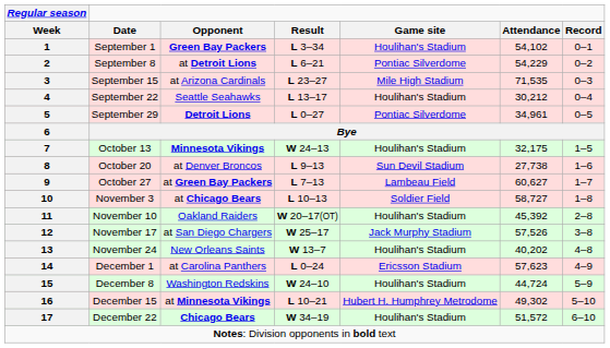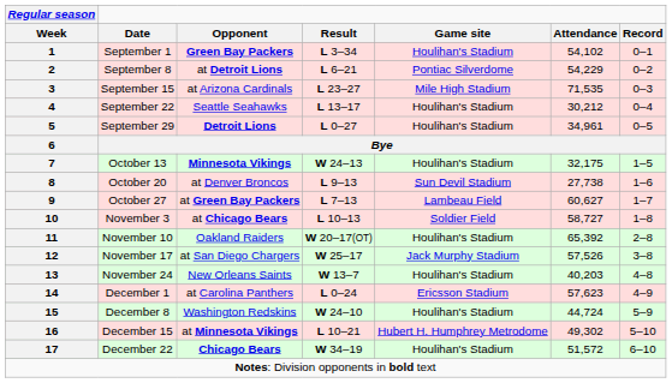 <table class="wikitable" style="text-align:center;">
 <tr>
 <th><em><a href='#'>Regular season</a></em></th>
 </tr>
 <tr>
 <th>Week</th>
 <th>Date</th>
 <th>Opponent</th>
 <th>Result</th>
 <th>Game site</th>
 <th>Attendance</th>
 <th>Record</th>
 </tr>
 <tr style="background:#fdd;">
 <th>1</th>
 <td>September 1</td>
 <td><strong><a href='#'>Green Bay Packers</a></strong></td>
 <td><strong>L</strong> 3–34</td>
 <td><a href='#'>Houlihan's Stadium</a></td>
 <td>54,102</td>
 <td>0–1</td>
 </tr>
 <tr style="background:#fdd;">
 <th>2</th>
 <td>September 8</td>
 <td>at <strong><a href='#'>Detroit Lions</a></strong></td>
 <td><strong>L</strong> 6–21</td>
 <td><a href='#'>Pontiac Silverdome</a></td>
 <td>54,229</td>
 <td>0–2</td>
 </tr>
 <tr style="background:#fdd;">
 <th>3</th>
 <td>September 15</td>
 <td>at <a href='#'>Arizona Cardinals</a></td>
 <td><strong>L</strong> 23–27</td>
 <td><a href='#'>Mile High Stadium</a></td>
 <td>71,535</td>
 <td>0–3</td>
 </tr>
 <tr style="background:#fdd;">
 <th>4</th>
 <td>September 22</td>
 <td><a href='#'>Seattle Seahawks</a></td>
 <td><strong>L</strong> 13–17</td>
 <td>Houlihan's Stadium</td>
 <td>30,212</td>
 <td>0–4</td>
 </tr>
 <tr style="background:#fdd;">
 <th>5</th>
 <td>September 29</td>
 <td><strong><a href='#'>Detroit Lions</a></strong></td>
 <td><strong>L</strong> 0–27</td>
-<td><a href='#'>Pontiac Silverdome</a></td>
+<td>Houlihan's Stadium</td>
 <td>34,961</td>
 <td>0–5</td>
 </tr>
 <tr>
 <th>6</th>
 <th colspan="6"><em>Bye</em></th>
 </tr>
 <tr style="background:#dfd;">
 <th>7</th>
 <td>October 13</td>
 <td><strong><a href='#'>Minnesota Vikings</a></strong></td>
 <td><strong>W</strong> 24–13</td>
 <td>Houlihan's Stadium</td>
 <td>32,175</td>
 <td>1–5</td>
 </tr>
 <tr style="background:#fdd;">
 <th>8</th>
 <td>October 20</td>
 <td>at <a href='#'>Denver Broncos</a></td>
 <td><strong>L</strong> 9–13</td>
 <td><a href='#'>Sun Devil Stadium</a></td>
 <td>27,738</td>
 <td>1–6</td>
 </tr>
 <tr style="background:#fdd;">
 <th>9</th>
 <td>October 27</td>
 <td>at <strong><a href='#'>Green Bay Packers</a></strong></td>
 <td><strong>L</strong> 7–13</td>
 <td><a href='#'>Lambeau Field</a></td>
 <td>60,627</td>
 <td>1–7</td>
 </tr>
 <tr style="background:#fdd;">
 <th>10</th>
 <td>November 3</td>
 <td>at <strong><a href='#'>Chicago Bears</a></strong></td>
 <td><strong>L</strong> 10–13</td>
 <td><a href='#'>Soldier Field</a></td>
 <td>58,727</td>
 <td>1–8</td>
 </tr>
 <tr style="background:#dfd;">
 <th>11</th>
 <td>November 10</td>
 <td><a href='#'>Oakland Raiders</a></td>
 <td><strong>W</strong> 20–17<small>(OT)</small></td>
 <td>Houlihan's Stadium</td>
-<td>45,392</td>
+<td>65,392</td>
 <td>2–8</td>
 </tr>
 <tr style="background:#dfd;">
 <th>12</th>
 <td>November 17</td>
 <td>at <a href='#'>San Diego Chargers</a></td>
 <td><strong>W</strong> 25–17</td>
 <td><a href='#'>Jack Murphy Stadium</a></td>
 <td>57,526</td>
 <td>3–8</td>
 </tr>
 <tr style="background:#dfd;">
 <th>13</th>
 <td>November 24</td>
 <td><a href='#'>New Orleans Saints</a></td>
 <td><strong>W</strong> 13–7</td>
 <td>Houlihan's Stadium</td>
-<td>40,202</td>
+<td>40,203</td>
 <td>4–8</td>
 </tr>
 <tr style="background:#fdd;">
 <th>14</th>
 <td>December 1</td>
 <td>at <a href='#'>Carolina Panthers</a></td>
 <td><strong>L</strong> 0–24</td>
 <td><a href='#'>Ericsson Stadium</a></td>
 <td>57,623</td>
 <td>4–9</td>
 </tr>
 <tr style="background:#dfd;">
 <th>15</th>
 <td>December 8</td>
 <td><a href='#'>Washington Redskins</a></td>
 <td><strong>W</strong> 24–10</td>
 <td>Houlihan's Stadium</td>
 <td>44,724</td>
 <td>5–9</td>
 </tr>
 <tr style="background:#fdd;">
 <th>16</th>
 <td>December 15</td>
 <td>at <strong><a href='#'>Minnesota Vikings</a></strong></td>
 <td><strong>L</strong> 10–21</td>
 <td><a href='#'>Hubert H. Humphrey Metrodome</a></td>
 <td>49,302</td>
 <td>5–10</td>
 </tr>
 <tr style="background:#dfd;">
 <th>17</th>
 <td>December 22</td>
 <td><strong><a href='#'>Chicago Bears</a></strong></td>
 <td><strong>W</strong> 34–19</td>
 <td>Houlihan's Stadium</td>
 <td>51,572</td>
 <td>6–10</td>
 </tr>
 <tr>
 <td colspan="7"><strong>Notes</strong>: Division opponents in <strong>bold</strong> text</td>
 </tr>
 </table>
